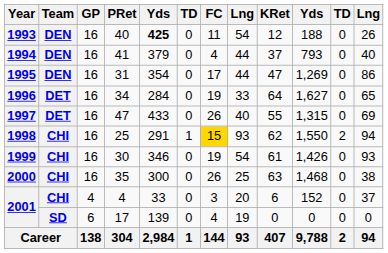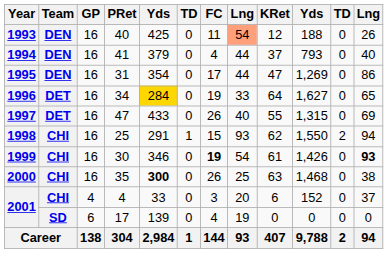 <table class="wikitable" style="text-align: center;">
 <tr>
 <th>Year</th>
 <th>Team</th>
 <th>GP</th>
 <th>PRet</th>
 <th>Yds</th>
 <th>TD</th>
 <th>FC</th>
 <th>Lng</th>
 <th>KRet</th>
 <th>Yds</th>
 <th>TD</th>
 <th>Lng</th>
 </tr>
 <tr>
 <th><a href='#'>1993</a></th>
 <th><a href='#'>DEN</a></th>
 <td>16</td>
 <td>40</td>
-<td><strong>425</strong></td>
+<td>425</td>
 <td>0</td>
 <td>11</td>
-<td>54</td>
+<td style="background: lightsalmon;">54</td>
 <td>12</td>
 <td>188</td>
 <td>0</td>
 <td>26</td>
 </tr>
 <tr>
 <th><a href='#'>1994</a></th>
 <th><a href='#'>DEN</a></th>
 <td>16</td>
 <td>41</td>
 <td>379</td>
 <td>0</td>
 <td>4</td>
 <td>44</td>
 <td>37</td>
 <td>793</td>
 <td>0</td>
 <td>40</td>
 </tr>
 <tr>
 <th><a href='#'>1995</a></th>
 <th><a href='#'>DEN</a></th>
 <td>16</td>
 <td>31</td>
 <td>354</td>
 <td>0</td>
 <td>17</td>
 <td>44</td>
 <td>47</td>
 <td>1,269</td>
 <td>0</td>
 <td>86</td>
 </tr>
 <tr>
 <th><a href='#'>1996</a></th>
 <th><a href='#'>DET</a></th>
 <td>16</td>
 <td>34</td>
-<td>284</td>
+<td style="background: gold;">284</td>
 <td>0</td>
 <td>19</td>
 <td>33</td>
 <td>64</td>
 <td>1,627</td>
 <td>0</td>
 <td>65</td>
 </tr>
 <tr>
 <th><a href='#'>1997</a></th>
 <th><a href='#'>DET</a></th>
 <td>16</td>
 <td>47</td>
 <td>433</td>
 <td>0</td>
 <td>26</td>
 <td>40</td>
 <td>55</td>
 <td>1,315</td>
 <td>0</td>
 <td>69</td>
 </tr>
 <tr>
 <th><a href='#'>1998</a></th>
 <th><a href='#'>CHI</a></th>
 <td>16</td>
 <td>25</td>
 <td>291</td>
 <td>1</td>
-<td style="background: gold;">15</td>
+<td>15</td>
 <td>93</td>
 <td>62</td>
 <td>1,550</td>
 <td>2</td>
 <td>94</td>
 </tr>
 <tr>
 <th><a href='#'>1999</a></th>
 <th><a href='#'>CHI</a></th>
 <td>16</td>
 <td>30</td>
 <td>346</td>
 <td>0</td>
-<td>19</td>
+<td><strong>19</strong></td>
 <td>54</td>
 <td>61</td>
 <td>1,426</td>
 <td>0</td>
-<td>93</td>
+<td><strong>93</strong></td>
 </tr>
 <tr>
 <th><a href='#'>2000</a></th>
 <th><a href='#'>CHI</a></th>
 <td>16</td>
 <td>35</td>
-<td>300</td>
+<td><strong>300</strong></td>
 <td>0</td>
 <td>26</td>
 <td>25</td>
 <td>63</td>
 <td>1,468</td>
 <td>0</td>
 <td>38</td>
 </tr>
 <tr>
 <th rowspan="2"><a href='#'>2001</a></th>
 <th><a href='#'>CHI</a></th>
 <td>4</td>
 <td>4</td>
 <td>33</td>
 <td>0</td>
 <td>3</td>
 <td>20</td>
 <td>6</td>
 <td>152</td>
 <td>0</td>
 <td>37</td>
 </tr>
 <tr>
 <th><a href='#'>SD</a></th>
 <td>6</td>
 <td>17</td>
 <td>139</td>
 <td>0</td>
 <td>4</td>
 <td>19</td>
 <td>0</td>
 <td>0</td>
 <td>0</td>
 <td>0</td>
 </tr>
 <tr>
 <th colspan="2">Career</th>
 <th>138</th>
 <th>304</th>
 <th>2,984</th>
 <th>1</th>
 <th>144</th>
 <th>93</th>
 <th>407</th>
 <th>9,788</th>
 <th>2</th>
 <th>94</th>
 </tr>
 </table>
